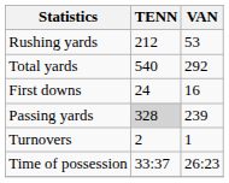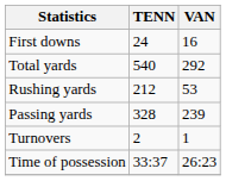 <table class="wikitable">
 <tr>
 <th>Statistics</th>
 <th>TENN</th>
 <th>VAN</th>
 </tr>
 <tr>
-<td>Rushing yards</td>
-<td>212</td>
-<td>53</td>
+<td>First downs</td>
+<td>24</td>
+<td>16</td>
 </tr>
 <tr>
 <td>Total yards</td>
 <td>540</td>
 <td>292</td>
 </tr>
 <tr>
-<td>First downs</td>
-<td>24</td>
-<td>16</td>
+<td>Rushing yards</td>
+<td>212</td>
+<td>53</td>
 </tr>
 <tr>
 <td>Passing yards</td>
-<td style="background: lightgrey;">328</td>
+<td>328</td>
 <td>239</td>
 </tr>
 <tr>
 <td>Turnovers</td>
 <td>2</td>
 <td>1</td>
 </tr>
 <tr>
 <td>Time of possession</td>
 <td>33:37</td>
 <td>26:23</td>
 </tr>
 <tr>
 </tr>
 </table>
